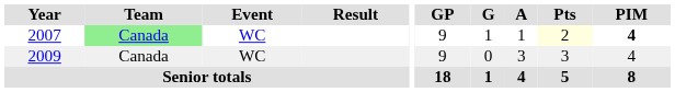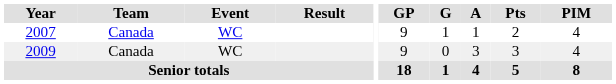 <table border="0" cellpadding="1" cellspacing="0" ID="Table3" style="text-align:center; width:40em">
 <tr ALIGN="center" bgcolor="#e0e0e0">
 <th>Year</th>
 <th>Team</th>
 <th>Event</th>
 <th>Result</th>
 <th rowspan="99" bgcolor="#ffffff"></th>
 <th>GP</th>
 <th>G</th>
 <th>A</th>
 <th>Pts</th>
 <th>PIM</th>
 </tr>
 <tr>
 <td><a href='#'>2007</a></td>
-<td style="background: lightgreen;"><a href='#'>Canada</a></td>
+<td><a href='#'>Canada</a></td>
 <td><a href='#'>WC</a></td>
 <td></td>
 <td>9</td>
 <td>1</td>
 <td>1</td>
-<td style="background: lightyellow;">2</td>
-<td><strong>4</strong></td>
+<td>2</td>
+<td>4</td>
 </tr>
 <tr bgcolor="#f0f0f0">
 <td><a href='#'>2009</a></td>
 <td>Canada</td>
 <td>WC</td>
 <td></td>
 <td>9</td>
 <td>0</td>
 <td>3</td>
 <td>3</td>
 <td>4</td>
 </tr>
 <tr bgcolor="#e0e0e0">
 <th colspan="4">Senior totals</th>
 <th>18</th>
 <th>1</th>
 <th>4</th>
 <th>5</th>
 <th>8</th>
 </tr>
 </table>
